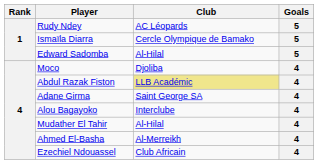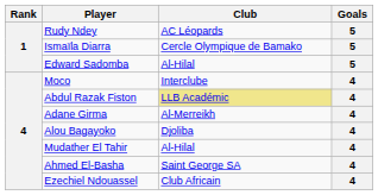 <table class="wikitable" style="text-align:center; font-size:90%;" width=500>
 <tr>
 <th>Rank</th>
 <th>Player</th>
 <th>Club</th>
 <th>Goals</th>
 </tr>
 <tr>
 <th rowspan=3>1</th>
 <td align="left"> <a href='#'>Rudy Ndey</a></td>
 <td align="left"> <a href='#'>AC Léopards</a></td>
 <th>5</th>
 </tr>
 <tr>
 <td align="left"> <a href='#'>Ismaïla Diarra</a></td>
 <td align="left"> <a href='#'>Cercle Olympique de Bamako</a></td>
 <th>5</th>
 </tr>
 <tr>
 <td align="left"> <a href='#'>Edward Sadomba</a></td>
 <td align="left"> <a href='#'>Al-Hilal</a></td>
 <th>5</th>
 </tr>
 <tr>
 <th rowspan=7>4</th>
 <td align="left"> <a href='#'>Moco</a></td>
-<td align="left"> <a href='#'>Djoliba</a></td>
+<td align="left"> <a href='#'>Interclube</a></td>
 <th>4</th>
 </tr>
 <tr>
 <td align="left"> <a href='#'>Abdul Razak Fiston</a></td>
 <td align="left" style="background: khaki;"> <a href='#'>LLB Académic</a></td>
 <th>4</th>
 </tr>
 <tr>
 <td align="left"> <a href='#'>Adane Girma</a></td>
-<td align="left"> <a href='#'>Saint George SA</a></td>
+<td align="left"> <a href='#'>Al-Merreikh</a></td>
 <th>4</th>
 </tr>
 <tr>
 <td align="left"> <a href='#'>Alou Bagayoko</a></td>
-<td align="left"> <a href='#'>Interclube</a></td>
+<td align="left"> <a href='#'>Djoliba</a></td>
 <th>4</th>
 </tr>
 <tr>
 <td align="left"> <a href='#'>Mudather El Tahir</a></td>
 <td align="left"> <a href='#'>Al-Hilal</a></td>
 <th>4</th>
 </tr>
 <tr>
 <td align="left"> <a href='#'>Ahmed El-Basha</a></td>
-<td align="left"> <a href='#'>Al-Merreikh</a></td>
+<td align="left"> <a href='#'>Saint George SA</a></td>
 <th>4</th>
 </tr>
 <tr>
 <td align="left"> <a href='#'>Ezechiel Ndouassel</a></td>
 <td align="left"> <a href='#'>Club Africain</a></td>
 <th>4</th>
 </tr>
 </table>
